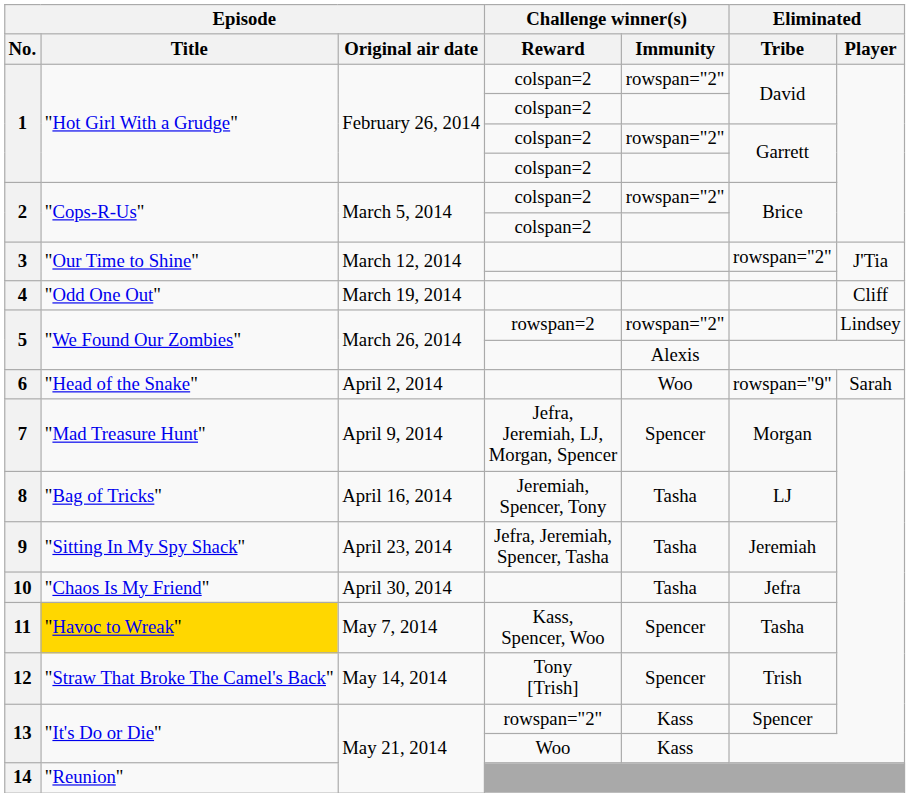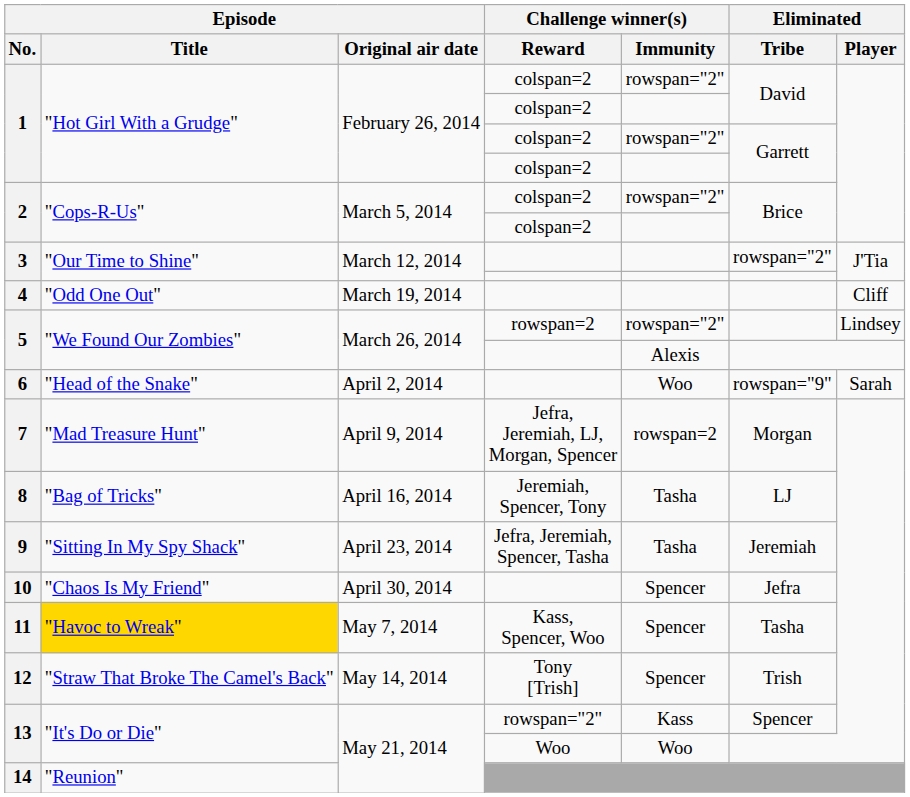 <table class="wikitable" style="margin:auto; text-align:center">
 <tr>
 <th colspan=3>Episode</th>
 <th colspan=2>Challenge winner(s)</th>
 <th colspan="2">Eliminated</th>
 </tr>
 <tr>
 <th>No.</th>
 <th>Title</th>
 <th>Original air date</th>
 <th>Reward</th>
 <th>Immunity</th>
 <th>Tribe</th>
 <th>Player</th>
 </tr>
 <tr>
 <th rowspan=4>1</th>
 <td rowspan= 4 align="left">"<a href='#'>Hot Girl With a Grudge</a>"</td>
 <td rowspan= 4 align="left">February 26, 2014</td>
 <td>colspan=2 </td>
 <td>rowspan="2" </td>
 <td rowspan=2>David</td>
 </tr>
 <tr>
 <td>colspan=2 </td>
 </tr>
 <tr>
 <td>colspan=2 </td>
 <td>rowspan="2" </td>
 <td rowspan=2>Garrett</td>
 </tr>
 <tr>
 <td>colspan=2 </td>
 </tr>
 <tr>
 <th rowspan=2>2</th>
 <td align="left" rowspan=2>"<a href='#'>Cops-R-Us</a>"</td>
 <td align="left" rowspan=2>March 5, 2014</td>
 <td>colspan=2 </td>
 <td>rowspan="2" </td>
 <td rowspan=2>Brice</td>
 </tr>
 <tr>
 <td>colspan=2 </td>
 </tr>
 <tr>
 <th rowspan=2>3</th>
 <td align="left" rowspan=2>"<a href='#'>Our Time to Shine</a>"</td>
 <td align="left" rowspan=2>March 12, 2014</td>
 <td></td>
 <td></td>
 <td>rowspan="2" </td>
 <td rowspan=2>J'Tia</td>
 </tr>
 <tr>
 <td></td>
 <td></td>
 </tr>
 <tr>
 <th>4</th>
 <td align="left">"<a href='#'>Odd One Out</a>"</td>
 <td align="left">March 19, 2014</td>
 <td></td>
 <td></td>
 <td></td>
 <td>Cliff</td>
 </tr>
 <tr>
 <th rowspan=2>5</th>
 <td rowspan=2 align="left">"<a href='#'>We Found Our Zombies</a>"</td>
 <td rowspan=2 align="left">March 26, 2014</td>
 <td>rowspan=2 </td>
 <td>rowspan="2" </td>
 <td></td>
 <td>Lindsey</td>
 </tr>
 <tr>
 <td></td>
 <td>Alexis</td>
 </tr>
 <tr>
 <th>6</th>
 <td align="left">"<a href='#'>Head of the Snake</a>"</td>
 <td align="left">April 2, 2014</td>
 <td></td>
 <td>Woo</td>
 <td>rowspan="9" </td>
 <td>Sarah</td>
 </tr>
 <tr>
 <th>7</th>
 <td align="left">"<a href='#'>Mad Treasure Hunt</a>"</td>
 <td align="left">April 9, 2014</td>
 <td>Jefra,<br>Jeremiah, LJ,<br>Morgan, Spencer</td>
-<td>Spencer</td>
+<td>rowspan=2 </td>
 <td>Morgan</td>
 </tr>
 <tr>
 <th>8</th>
 <td align="left">"<a href='#'>Bag of Tricks</a>"</td>
 <td align="left">April 16, 2014</td>
 <td>Jeremiah,<br>Spencer, Tony</td>
 <td>Tasha</td>
 <td>LJ</td>
 </tr>
 <tr>
 <th>9</th>
 <td align="left">"<a href='#'>Sitting In My Spy Shack</a>"</td>
 <td align="left">April 23, 2014</td>
 <td>Jefra, Jeremiah,<br>Spencer, Tasha</td>
 <td>Tasha</td>
 <td>Jeremiah</td>
 </tr>
 <tr>
 <th>10</th>
 <td align="left">"<a href='#'>Chaos Is My Friend</a>"</td>
 <td align="left">April 30, 2014</td>
 <td></td>
-<td>Tasha</td>
+<td>Spencer</td>
 <td>Jefra</td>
 </tr>
 <tr>
 <th>11</th>
 <td align="left" style="background: gold;">"<a href='#'>Havoc to Wreak</a>"</td>
 <td align="left">May 7, 2014</td>
 <td>Kass,<br>Spencer, Woo</td>
 <td>Spencer</td>
 <td>Tasha</td>
 </tr>
 <tr>
 <th>12</th>
 <td align="left">"<a href='#'>Straw That Broke The Camel's Back</a>"</td>
 <td align="left">May 14, 2014</td>
 <td>Tony<br>[Trish]</td>
 <td>Spencer</td>
 <td>Trish</td>
 </tr>
 <tr>
 <th rowspan="2">13</th>
 <td align="left" rowspan="2">"<a href='#'>It's Do or Die</a>"</td>
 <td rowspan="3" align="left">May 21, 2014</td>
 <td>rowspan="2" </td>
 <td>Kass</td>
 <td>Spencer</td>
 </tr>
 <tr>
 <td>Woo</td>
-<td>Kass</td>
+<td>Woo</td>
 </tr>
 <tr>
 <th>14</th>
 <td align="left">"<a href='#'>Reunion</a>"</td>
 <td colspan="4" bgcolor="A9A9A9"></td>
 </tr>
 </table>
